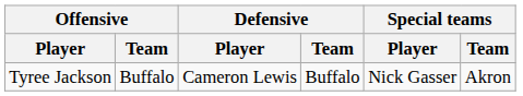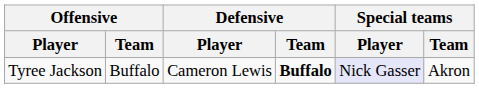 <table class="wikitable" style="display: inline-table;">
 <tr>
 <th colspan="2">Offensive</th>
 <th colspan="2">Defensive</th>
 <th colspan="2">Special teams</th>
 </tr>
 <tr>
 <th>Player</th>
 <th>Team</th>
 <th>Player</th>
 <th>Team</th>
 <th>Player</th>
 <th>Team</th>
 </tr>
 <tr>
 <td>Tyree Jackson</td>
 <td>Buffalo</td>
 <td>Cameron Lewis</td>
-<td>Buffalo</td>
-<td>Nick Gasser</td>
+<td><strong>Buffalo</strong></td>
+<td style="background: lavender;">Nick Gasser</td>
 <td>Akron</td>
 </tr>
 </table>
